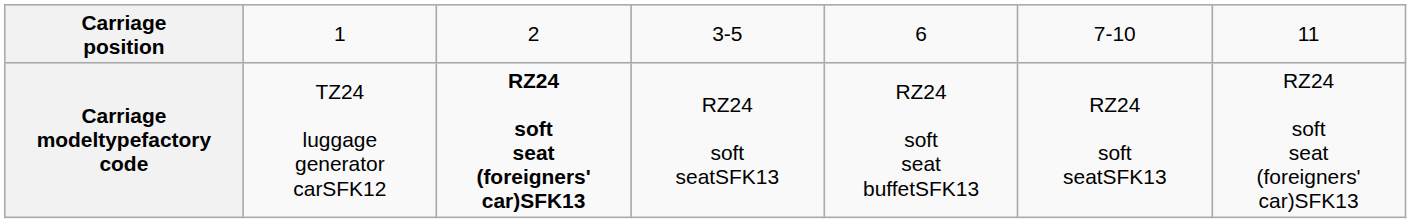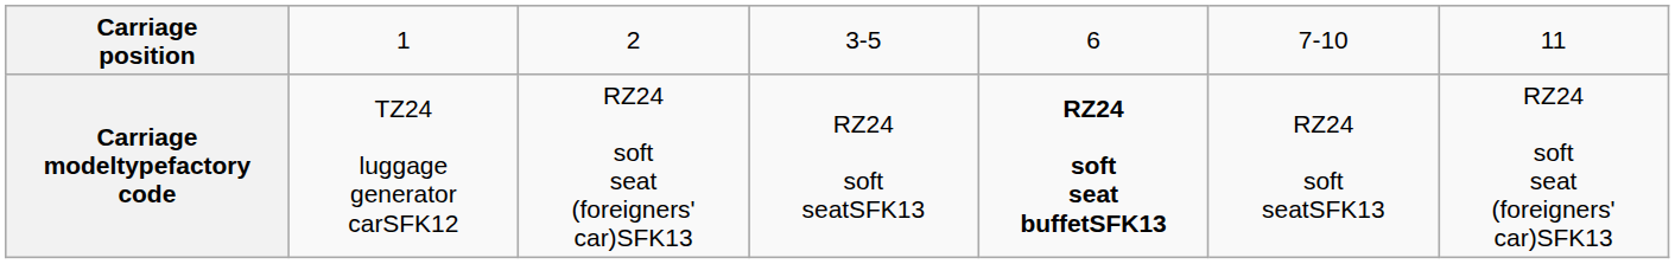 <table class="wikitable" style="text-align: center; font-size: small;">
 <tr>
 <th>Carriage<br>position</th>
 <td>1</td>
 <td>2</td>
 <td>3-5</td>
 <td>6</td>
 <td>7-10</td>
 <td>11</td>
 </tr>
 <tr>
 <th style="width: 10%;">Carriage<br>modeltypefactory<br>code</th>
 <td style="width: 10%;">TZ24<br><br>luggage<br>generator<br>carSFK12</td>
-<td style="width: 10%;"><strong>RZ24<br><br>soft<br>seat<br>(foreigners' car)SFK13</strong></td>
+<td style="width: 10%;">RZ24<br><br>soft<br>seat<br>(foreigners' car)SFK13</td>
 <td style="width: 10%;">RZ24<br><br>soft<br>seatSFK13</td>
-<td style="width: 10%;">RZ24<br><br>soft<br>seat<br>buffetSFK13</td>
+<td style="width: 10%;"><strong>RZ24<br><br>soft<br>seat<br>buffetSFK13</strong></td>
 <td style="width: 10%;">RZ24<br><br>soft<br>seatSFK13</td>
 <td style="width: 10%;">RZ24<br><br>soft<br>seat<br>(foreigners' car)SFK13</td>
 </tr>
 </table>
